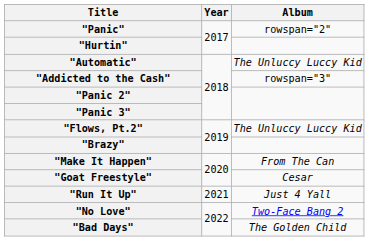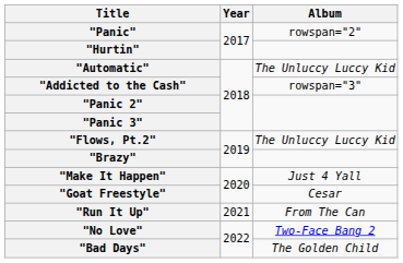 <table class="wikitable plainrowheaders" style="text-align:center;">
 <tr>
 <th scope="col" style="width:19em;">Title</th>
 <th scope="col">Year</th>
 <th scope="col">Album</th>
 </tr>
 <tr>
 <th scope="row">"Panic"<br></th>
 <td rowspan="2">2017</td>
 <td>rowspan="2" </td>
 </tr>
 <tr>
 <th scope="row">"Hurtin"<br></th>
 </tr>
 <tr>
 <th scope="row">"Automatic"<br></th>
 <td rowspan="4">2018</td>
 <td><em>The Unluccy Luccy Kid</em></td>
 </tr>
 <tr>
 <th scope="row">"Addicted to the Cash"<br></th>
 <td>rowspan="3" </td>
 </tr>
 <tr>
 <th scope="row">"Panic 2"<br></th>
 </tr>
 <tr>
 <th scope="row">"Panic 3"<br></th>
 </tr>
 <tr>
 <th scope="row">"Flows, Pt.2"<br></th>
 <td rowspan="2">2019</td>
 <td><em>The Unluccy Luccy Kid</em></td>
 </tr>
 <tr>
 <th scope="row">"Brazy"<br></th>
 <td></td>
 </tr>
 <tr>
 <th scope="row">"Make It Happen"<br></th>
 <td rowspan="2">2020</td>
-<td><em>From The Can</em></td>
+<td><em>Just 4 Yall</em></td>
 </tr>
 <tr>
 <th scope="row">"Goat Freestyle"<br></th>
 <td><em>Cesar</em></td>
 </tr>
 <tr>
 <th scope="row">"Run It Up"<br></th>
 <td rowspan="1">2021</td>
-<td><em>Just 4 Yall</em></td>
+<td><em>From The Can</em></td>
 </tr>
 <tr>
 <th scope="row">"No Love"<br></th>
 <td rowspan="2">2022</td>
 <td><em><a href='#'>Two-Face Bang 2</a></em></td>
 </tr>
 <tr>
 <th scope="row">"Bad Days"<br></th>
 <td><em>The Golden Child</em></td>
 </tr>
 </table>
